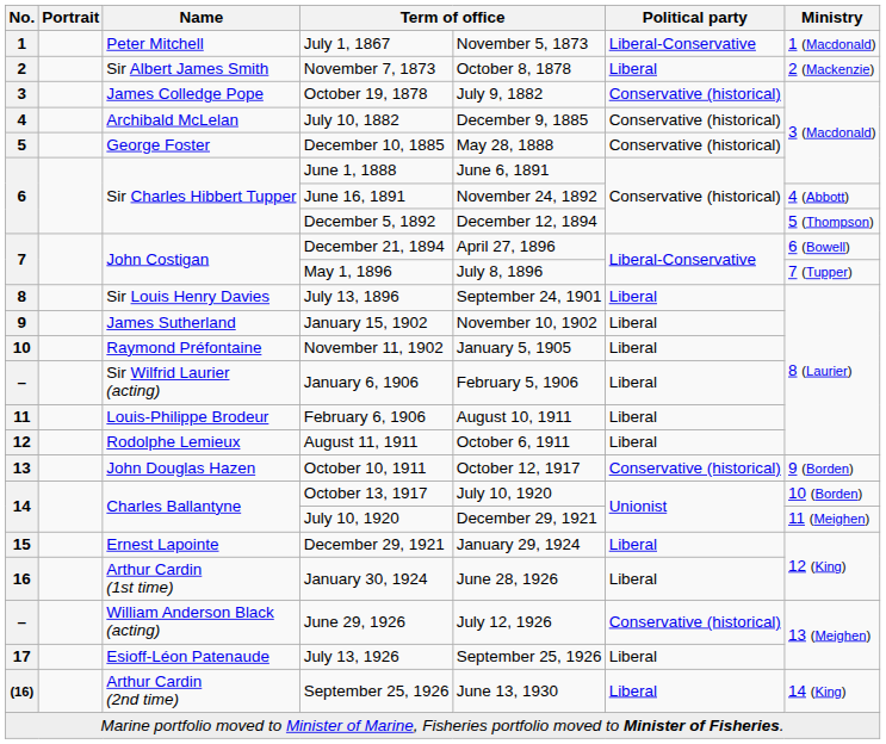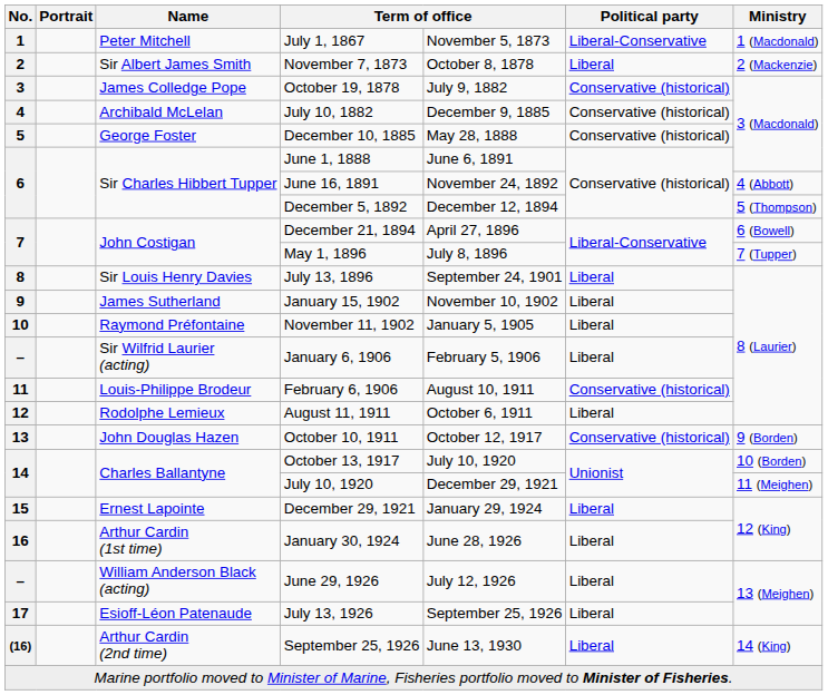 <table class="wikitable">
 <tr>
 <th>No.</th>
 <th>Portrait</th>
 <th>Name</th>
 <th colspan=2>Term of office</th>
 <th>Political party</th>
 <th>Ministry</th>
 </tr>
 <tr>
 <th style="background:">1</th>
 <td></td>
 <td><a href='#'>Peter Mitchell</a></td>
 <td>July 1, 1867</td>
 <td>November 5, 1873</td>
 <td><a href='#'>Liberal-Conservative</a></td>
 <td><a href='#'>1</a> <small>(<a href='#'>Macdonald</a>)</small></td>
 </tr>
 <tr>
 <th style="background:">2</th>
 <td></td>
 <td>Sir <a href='#'>Albert James Smith</a></td>
 <td>November 7, 1873</td>
 <td>October 8, 1878</td>
 <td><a href='#'>Liberal</a></td>
 <td><a href='#'>2</a> <small>(<a href='#'>Mackenzie</a>)</small></td>
 </tr>
 <tr>
 <th style="background:">3</th>
 <td></td>
 <td><a href='#'>James Colledge Pope</a></td>
 <td>October 19, 1878</td>
 <td>July 9, 1882</td>
 <td><a href='#'>Conservative (historical)</a></td>
 <td rowspan=4><a href='#'>3</a> <small>(<a href='#'>Macdonald</a>)</small></td>
 </tr>
 <tr>
 <th style="background:">4</th>
 <td></td>
 <td><a href='#'>Archibald McLelan</a></td>
 <td>July 10, 1882</td>
 <td>December 9, 1885</td>
 <td>Conservative (historical)</td>
 </tr>
 <tr>
 <th style="background:">5</th>
 <td></td>
 <td><a href='#'>George Foster</a></td>
 <td>December 10, 1885</td>
 <td>May 28, 1888</td>
 <td>Conservative (historical)</td>
 </tr>
 <tr>
 <th rowspan=3 style="background:">6</th>
 <td rowspan=3></td>
 <td rowspan=3>Sir <a href='#'>Charles Hibbert Tupper</a></td>
 <td>June 1, 1888</td>
 <td>June 6, 1891</td>
 <td rowspan=3>Conservative (historical)</td>
 </tr>
 <tr>
 <td>June 16, 1891</td>
 <td>November 24, 1892</td>
 <td><a href='#'>4</a> <small>(<a href='#'>Abbott</a>)</small></td>
 </tr>
 <tr>
 <td>December 5, 1892</td>
 <td>December 12, 1894</td>
 <td><a href='#'>5</a> <small>(<a href='#'>Thompson</a>)</small></td>
 </tr>
 <tr>
 <th rowspan=2 style="background:">7</th>
 <td rowspan=2></td>
 <td rowspan=2><a href='#'>John Costigan</a></td>
 <td>December 21, 1894</td>
 <td>April 27, 1896</td>
 <td rowspan=2><a href='#'>Liberal-Conservative</a></td>
 <td><a href='#'>6</a> <small>(<a href='#'>Bowell</a>)</small></td>
 </tr>
 <tr>
 <td>May 1, 1896</td>
 <td>July 8, 1896</td>
 <td><a href='#'>7</a> <small>(<a href='#'>Tupper</a>)</small></td>
 </tr>
 <tr>
 <th style="background:">8</th>
 <td></td>
 <td>Sir <a href='#'>Louis Henry Davies</a></td>
 <td>July 13, 1896</td>
 <td>September 24, 1901</td>
 <td><a href='#'>Liberal</a></td>
 <td rowspan=6><a href='#'>8</a> <small>(<a href='#'>Laurier</a>)</small></td>
 </tr>
 <tr>
 <th style="background:">9</th>
 <td></td>
 <td><a href='#'>James Sutherland</a></td>
 <td>January 15, 1902</td>
 <td>November 10, 1902</td>
 <td>Liberal</td>
 </tr>
 <tr>
 <th style="background:">10</th>
 <td></td>
 <td><a href='#'>Raymond Préfontaine</a></td>
 <td>November 11, 1902</td>
 <td>January 5, 1905</td>
 <td>Liberal</td>
 </tr>
 <tr>
 <th style="background:">–</th>
 <td></td>
 <td>Sir <a href='#'>Wilfrid Laurier</a><br><em>(acting)</em></td>
 <td>January 6, 1906</td>
 <td>February 5, 1906</td>
 <td>Liberal</td>
 </tr>
 <tr>
 <th style="background:">11</th>
 <td></td>
 <td><a href='#'>Louis-Philippe Brodeur</a></td>
 <td>February 6, 1906</td>
 <td>August 10, 1911</td>
-<td>Liberal</td>
+<td><a href='#'>Conservative (historical)</a></td>
 </tr>
 <tr>
 <th style="background:">12</th>
 <td></td>
 <td><a href='#'>Rodolphe Lemieux</a></td>
 <td>August 11, 1911</td>
 <td>October 6, 1911</td>
 <td>Liberal</td>
 </tr>
 <tr>
 <th style="background:">13</th>
 <td></td>
 <td><a href='#'>John Douglas Hazen</a></td>
 <td>October 10, 1911</td>
 <td>October 12, 1917</td>
 <td><a href='#'>Conservative (historical)</a></td>
 <td><a href='#'>9</a> <small>(<a href='#'>Borden</a>)</small></td>
 </tr>
 <tr>
 <th rowspan=2 style="background:">14</th>
 <td rowspan=2></td>
 <td rowspan=2><a href='#'>Charles Ballantyne</a></td>
 <td>October 13, 1917</td>
 <td>July 10, 1920</td>
 <td rowspan=2><a href='#'>Unionist</a></td>
 <td><a href='#'>10</a> <small>(<a href='#'>Borden</a>)</small></td>
 </tr>
 <tr>
 <td>July 10, 1920</td>
 <td>December 29, 1921</td>
 <td><a href='#'>11</a> <small>(<a href='#'>Meighen</a>)</small></td>
 </tr>
 <tr>
 <th style="background:">15</th>
 <td></td>
 <td><a href='#'>Ernest Lapointe</a></td>
 <td>December 29, 1921</td>
 <td>January 29, 1924</td>
 <td><a href='#'>Liberal</a></td>
 <td rowspan=2><a href='#'>12</a> <small>(<a href='#'>King</a>)</small></td>
 </tr>
 <tr>
 <th style="background:">16</th>
 <td></td>
 <td><a href='#'>Arthur Cardin</a><br><em>(1st time)</em></td>
 <td>January 30, 1924</td>
 <td>June 28, 1926</td>
 <td>Liberal</td>
 </tr>
 <tr>
 <th style="background:">–</th>
 <td></td>
 <td><a href='#'>William Anderson Black</a><br><em>(acting)</em></td>
 <td>June 29, 1926</td>
 <td>July 12, 1926</td>
-<td><a href='#'>Conservative (historical)</a></td>
+<td>Liberal</td>
 <td rowspan=2><a href='#'>13</a> <small>(<a href='#'>Meighen</a>)</small></td>
 </tr>
 <tr>
 <th style="background:">17</th>
 <td></td>
 <td><a href='#'>Esioff-Léon Patenaude</a></td>
 <td>July 13, 1926</td>
 <td>September 25, 1926</td>
 <td>Liberal</td>
 </tr>
 <tr>
 <th style="background:"><small>(16)</small></th>
 <td></td>
 <td><a href='#'>Arthur Cardin</a><br><em>(2nd time)</em></td>
 <td>September 25, 1926</td>
 <td>June 13, 1930</td>
 <td><a href='#'>Liberal</a></td>
 <td><a href='#'>14</a> <small>(<a href='#'>King</a>)</small></td>
 </tr>
 <tr>
 <td colspan=7 align=center style="background: #eeeeee;"><em>Marine portfolio moved to <a href='#'>Minister of Marine</a>, Fisheries portfolio moved to <strong>Minister of Fisheries</strong>.</em></td>
 </tr>
 </table>
